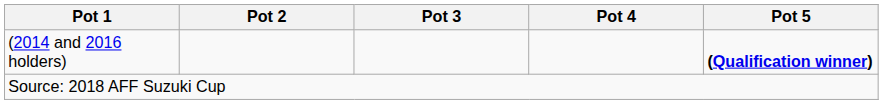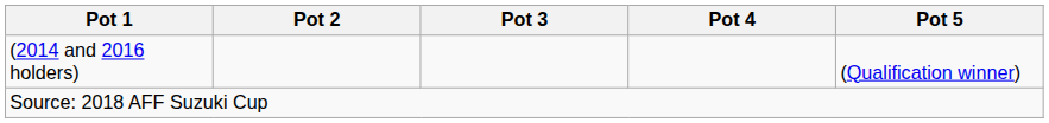 <table class="wikitable" style="width:98%;">
 <tr>
 <th width=20%>Pot 1</th>
 <th width=20%>Pot 2</th>
 <th width=20%>Pot 3</th>
 <th width=20%>Pot 4</th>
 <th width=20%>Pot 5</th>
 </tr>
 <tr>
 <td> (<a href='#'>2014</a> and <a href='#'>2016</a> holders) <br></td>
 <td><br></td>
 <td><br></td>
 <td><br></td>
-<td><strong><br> (<a href='#'>Qualification winner</a>)</strong></td>
+<td><br> (<a href='#'>Qualification winner</a>)</td>
 </tr>
 <tr>
 <td colspan=5>Source: 2018 AFF Suzuki Cup</td>
 </tr>
 </table>
